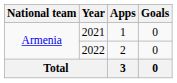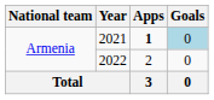 <table class="wikitable" style="text-align:center">
 <tr>
 <th>National team</th>
 <th>Year</th>
 <th>Apps</th>
 <th>Goals</th>
 </tr>
 <tr>
 <td rowspan="2"><a href='#'>Armenia</a></td>
 <td>2021</td>
-<td>1</td>
-<td>0</td>
+<td><strong>1</strong></td>
+<td style="background: lightblue;">0</td>
 </tr>
 <tr>
 <td>2022</td>
 <td>2</td>
 <td>0</td>
 </tr>
 <tr>
 <th colspan="2">Total</th>
 <th>3</th>
 <th>0</th>
 </tr>
 </table>
